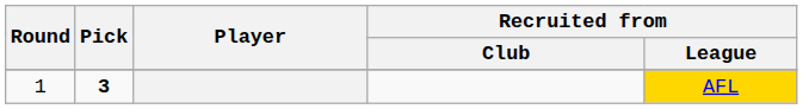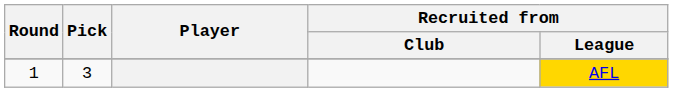 <table class="wikitable sortable plainrowheaders" style="text-align:center;">
 <tr>
 <th rowspan="2">Round</th>
 <th rowspan="2">Pick</th>
 <th rowspan="2" style="width: 110pt">Player</th>
 <th colspan="2">Recruited from</th>
 </tr>
 <tr>
 <th style="width: 130pt">Club</th>
 <th style="width: 70pt">League</th>
 </tr>
 <tr>
 </tr>
 <tr>
 <td>1</td>
-<td><strong>3</strong></td>
+<td>3</td>
 <th scope="row"></th>
 <td></td>
 <td style="background: gold;"><a href='#'>AFL</a></td>
 </tr>
 </table>
